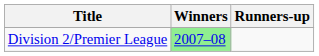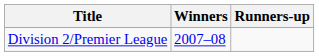 <table class="wikitable">
 <tr>
 <th Align=Left>Title</th>
 <th Align=Left>Winners</th>
 <th Align=Left>Runners-up</th>
 </tr>
 <tr>
 </tr>
 <tr>
 </tr>
 <tr>
 <td VAlign=Top><a href='#'>Division 2/Premier League</a></td>
-<td VAlign=Top style="background: lightgreen;"><a href='#'>2007–08</a></td>
+<td VAlign=Top><a href='#'>2007–08</a></td>
 <td VAlign=Top></td>
 </tr>
 </table>
